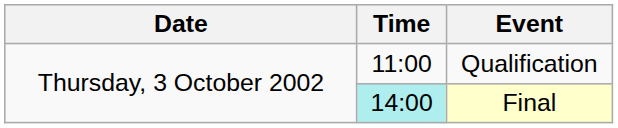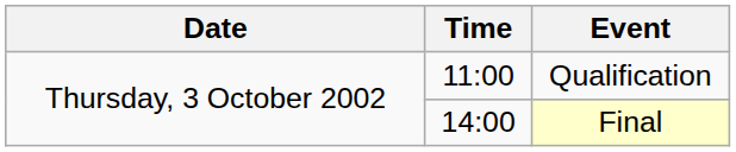 <table class = "wikitable" style="text-align:center;">
 <tr>
 <th width=220>Date</th>
 <th width=50>Time</th>
 <th width=100>Event</th>
 </tr>
 <tr>
 <td rowspan=2>Thursday, 3 October 2002</td>
 <td>11:00</td>
 <td>Qualification</td>
 </tr>
 <tr>
-<td style="background: paleturquoise;">14:00</td>
+<td>14:00</td>
 <td bgcolor=ffffcc>Final</td>
 </tr>
 </table>
